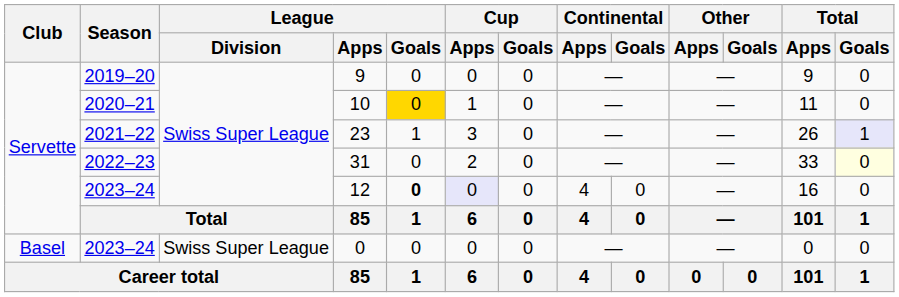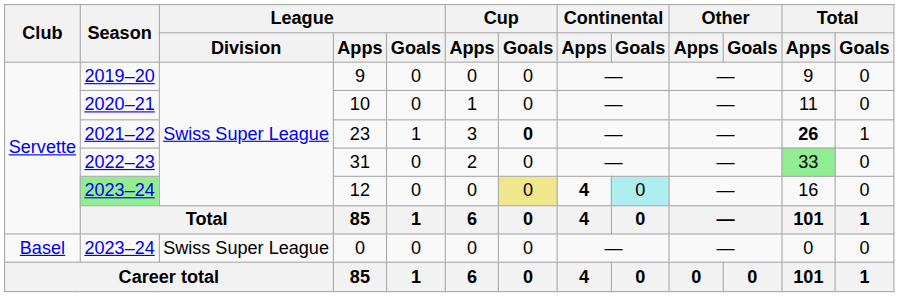 <table class="wikitable" style="text-align:center">
 <tr>
 <th rowspan="2">Club</th>
 <th rowspan="2">Season</th>
 <th colspan="3">League</th>
 <th colspan="2">Cup</th>
 <th colspan="2">Continental</th>
 <th colspan="2">Other</th>
 <th colspan="2">Total</th>
 </tr>
 <tr>
 <th>Division</th>
 <th>Apps</th>
 <th>Goals</th>
 <th>Apps</th>
 <th>Goals</th>
 <th>Apps</th>
 <th>Goals</th>
 <th>Apps</th>
 <th>Goals</th>
 <th>Apps</th>
 <th>Goals</th>
 </tr>
 <tr>
 <td rowspan="6"><a href='#'>Servette</a></td>
 <td><a href='#'>2019–20</a></td>
 <td rowspan="5"><a href='#'>Swiss Super League</a></td>
 <td>9</td>
 <td>0</td>
 <td>0</td>
 <td>0</td>
 <td colspan="2">—</td>
 <td colspan="2">—</td>
 <td>9</td>
 <td>0</td>
 </tr>
 <tr>
 <td><a href='#'>2020–21</a></td>
 <td>10</td>
-<td style="background: gold;">0</td>
+<td>0</td>
 <td>1</td>
 <td>0</td>
 <td colspan="2">—</td>
 <td colspan="2">—</td>
 <td>11</td>
 <td>0</td>
 </tr>
 <tr>
 <td><a href='#'>2021–22</a></td>
 <td>23</td>
 <td>1</td>
 <td>3</td>
-<td>0</td>
+<td><strong>0</strong></td>
 <td colspan="2">—</td>
 <td colspan="2">—</td>
-<td>26</td>
-<td style="background: lavender;">1</td>
+<td><strong>26</strong></td>
+<td>1</td>
 </tr>
 <tr>
 <td><a href='#'>2022–23</a></td>
 <td>31</td>
 <td>0</td>
 <td>2</td>
 <td>0</td>
 <td colspan="2">—</td>
 <td colspan="2">—</td>
-<td>33</td>
-<td style="background: lightyellow;">0</td>
+<td style="background: lightgreen;">33</td>
+<td>0</td>
 </tr>
 <tr>
-<td><a href='#'>2023–24</a></td>
+<td style="background: lightgreen;"><a href='#'>2023–24</a></td>
 <td>12</td>
-<td><strong>0</strong></td>
-<td style="background: lavender;">0</td>
 <td>0</td>
-<td>4</td>
 <td>0</td>
+<td style="background: khaki;">0</td>
+<td><strong>4</strong></td>
+<td style="background: paleturquoise;">0</td>
 <td colspan="2">—</td>
 <td>16</td>
 <td>0</td>
 </tr>
 <tr>
 <th colspan="2">Total</th>
 <th>85</th>
 <th>1</th>
 <th>6</th>
 <th>0</th>
 <th>4</th>
 <th>0</th>
 <th colspan="2">—</th>
 <th>101</th>
 <th>1</th>
 </tr>
 <tr>
 <td><a href='#'>Basel</a></td>
 <td><a href='#'>2023–24</a></td>
 <td>Swiss Super League</td>
 <td>0</td>
 <td>0</td>
 <td>0</td>
 <td>0</td>
 <td colspan="2">—</td>
 <td colspan="2">—</td>
 <td>0</td>
 <td>0</td>
 </tr>
 <tr>
 <th colspan="3">Career total</th>
 <th>85</th>
 <th>1</th>
 <th>6</th>
 <th>0</th>
 <th>4</th>
 <th>0</th>
 <th>0</th>
 <th>0</th>
 <th>101</th>
 <th>1</th>
 </tr>
 </table>
